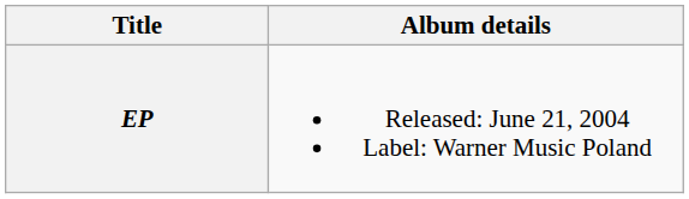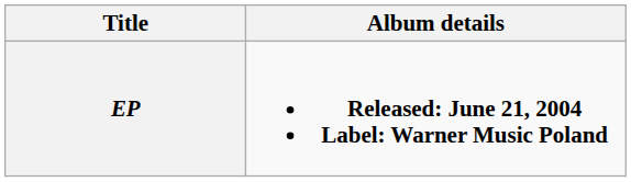 <table class="wikitable plainrowheaders" style="text-align:center;">
 <tr>
 <th scope="col" style="width:10em;">Title</th>
 <th scope="col" style="width:16em;">Album details</th>
 </tr>
 <tr>
 <th scope="row"><em>EP</em></th>
-<td><br><ul><li>Released: June 21, 2004</li><li>Label: Warner Music Poland</li></ul></td>
+<td><strong><br><ul><li>Released: June 21, 2004</li><li>Label: Warner Music Poland</li></ul></strong></td>
 </tr>
 </table>
